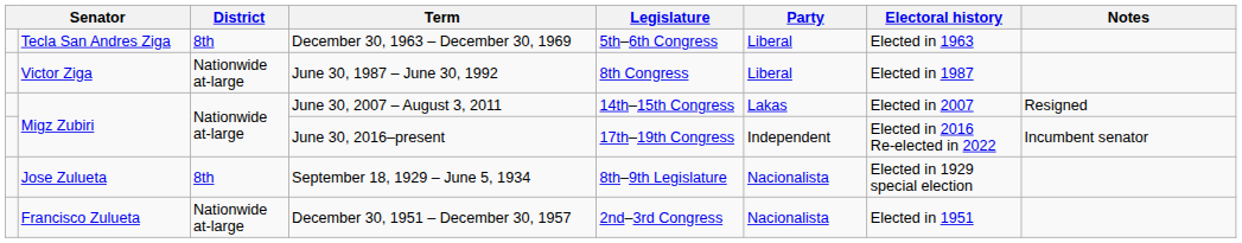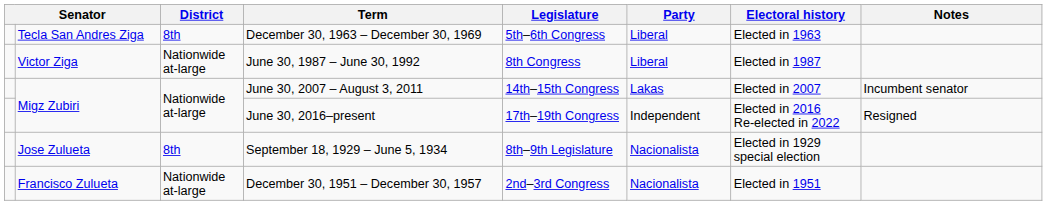 <table class="wikitable" style="font-size:95%" width=99%>
 <tr>
 <th colspan="2" width="15%">Senator</th>
 <th width="8%"><a href='#'>District</a></th>
 <th width="25%">Term</th>
 <th width="12%"><a href='#'>Legislature</a></th>
 <th width="10%"><a href='#'>Party</a></th>
 <th width="12.5%"><a href='#'>Electoral history</a></th>
 <th width="17.5%">Notes</th>
 </tr>
 <tr>
 <td width=1% style="background-color:"></td>
 <td><a href='#'>Tecla San Andres Ziga</a></td>
 <td><a href='#'>8th</a></td>
 <td>December 30, 1963 – December 30, 1969</td>
 <td><a href='#'>5th</a>–<a href='#'>6th Congress</a></td>
 <td><a href='#'>Liberal</a></td>
 <td>Elected in <a href='#'>1963</a></td>
 <td></td>
 </tr>
 <tr>
 <td style="background-color:"></td>
 <td><a href='#'>Victor Ziga</a></td>
 <td>Nationwide at-large</td>
 <td>June 30, 1987 – June 30, 1992</td>
 <td><a href='#'>8th Congress</a></td>
 <td><a href='#'>Liberal</a></td>
 <td>Elected in <a href='#'>1987</a></td>
 <td></td>
 </tr>
 <tr>
 <td style="background-color:"></td>
 <td rowspan="2"><a href='#'>Migz Zubiri</a></td>
 <td rowspan="2">Nationwide at-large</td>
 <td>June 30, 2007 – August 3, 2011</td>
 <td><a href='#'>14th</a>–<a href='#'>15th Congress</a></td>
 <td><a href='#'>Lakas</a></td>
 <td>Elected in <a href='#'>2007</a></td>
-<td>Resigned</td>
+<td>Incumbent senator</td>
 </tr>
 <tr>
 <td style="background-color:"></td>
 <td>June 30, 2016–present</td>
 <td><a href='#'>17th</a>–<a href='#'>19th Congress</a></td>
 <td>Independent</td>
 <td>Elected in <a href='#'>2016</a><br>Re-elected in <a href='#'>2022</a></td>
-<td>Incumbent senator</td>
+<td>Resigned</td>
 </tr>
 <tr>
 <td style="background-color:"></td>
 <td><a href='#'>Jose Zulueta</a></td>
 <td><a href='#'>8th</a></td>
 <td>September 18, 1929 – June 5, 1934</td>
 <td><a href='#'>8th</a>–<a href='#'>9th Legislature</a></td>
 <td><a href='#'>Nacionalista</a></td>
 <td>Elected in 1929 special election</td>
 <td></td>
 </tr>
 <tr>
 <td style="background-color:"></td>
 <td><a href='#'>Francisco Zulueta</a></td>
 <td>Nationwide at-large</td>
 <td>December 30, 1951 – December 30, 1957</td>
 <td><a href='#'>2nd</a>–<a href='#'>3rd Congress</a></td>
 <td><a href='#'>Nacionalista</a></td>
 <td>Elected in <a href='#'>1951</a></td>
 <td></td>
 </tr>
 </table>
